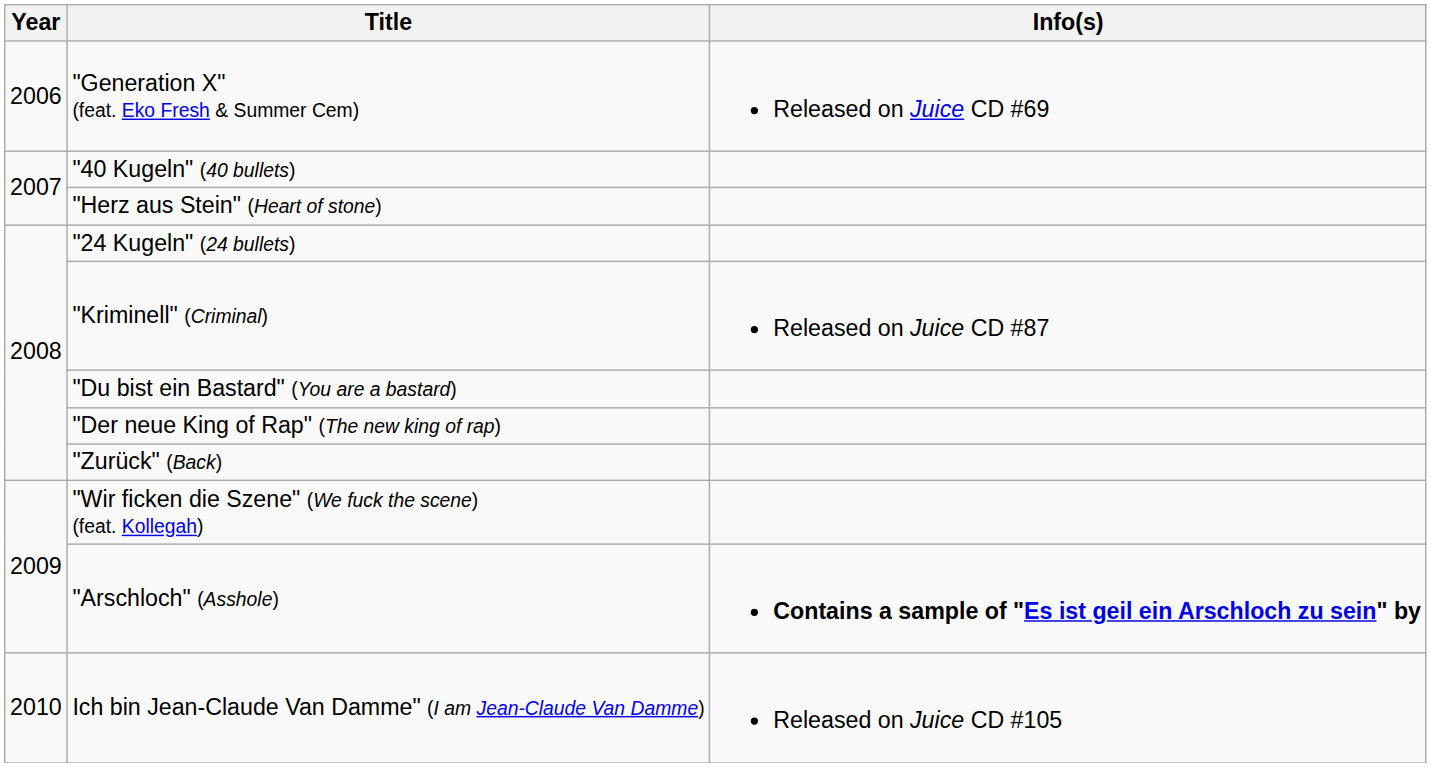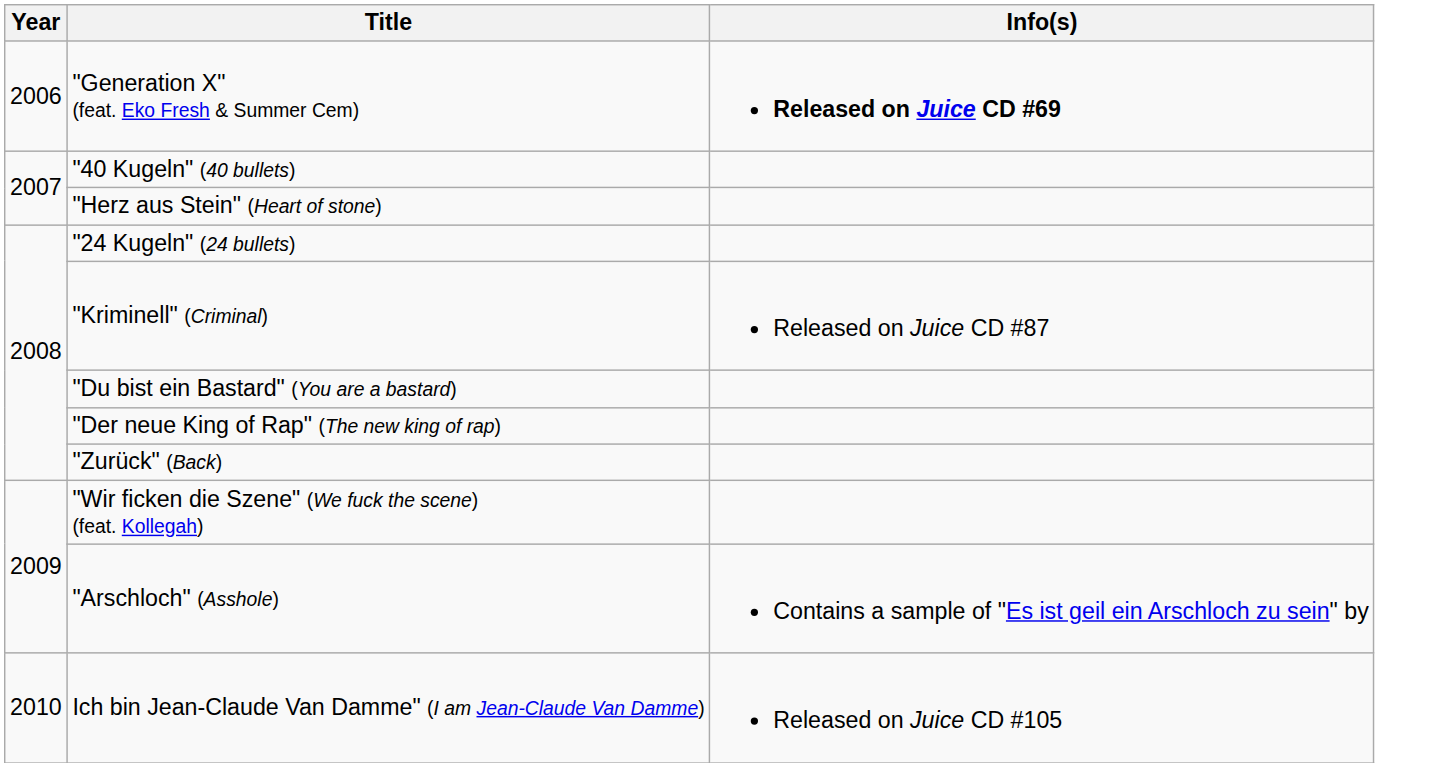 <table class="wikitable">
 <tr>
 <th>Year</th>
 <th>Title</th>
 <th>Info(s)</th>
 </tr>
 <tr>
 <td>2006</td>
 <td>"Generation X"<br><small>(feat. <a href='#'>Eko Fresh</a> & Summer Cem)</small></td>
-<td><br><ul><li>Released on <em><a href='#'>Juice</a></em> CD #69</li></ul></td>
+<td><strong><br><ul><li>Released on <em><a href='#'>Juice</a></em> CD #69</li></ul></strong></td>
 </tr>
 <tr>
 <td rowspan="2">2007</td>
 <td>"40 Kugeln" <small>(<em>40 bullets</em>)</small></td>
 <td></td>
 </tr>
 <tr>
 <td>"Herz aus Stein" <small>(<em>Heart of stone</em>)</small></td>
 <td></td>
 </tr>
 <tr>
 <td rowspan="5">2008</td>
 <td>"24 Kugeln" <small>(<em>24 bullets</em>)</small></td>
 <td></td>
 </tr>
 <tr>
 <td>"Kriminell" <small>(<em>Criminal</em>)</small></td>
 <td><br><ul><li>Released on <em>Juice</em> CD #87</li></ul></td>
 </tr>
 <tr>
 <td>"Du bist ein Bastard" <small>(<em>You are a bastard</em>)</small></td>
 <td></td>
 </tr>
 <tr>
 <td>"Der neue King of Rap" <small>(<em>The new king of rap</em>)</small></td>
 <td></td>
 </tr>
 <tr>
 <td>"Zurück" <small>(<em>Back</em>)</small></td>
 <td></td>
 </tr>
 <tr>
 <td rowspan="2">2009</td>
 <td>"Wir ficken die Szene" <small>(<em>We fuck the scene</em>)</small><br><small>(feat. <a href='#'>Kollegah</a>)</small></td>
 <td></td>
 </tr>
 <tr>
 <td>"Arschloch" <small>(<em>Asshole</em>)</small></td>
-<td><strong><br><ul><li>Contains a sample of "<a href='#'>Es ist geil ein Arschloch zu sein</a>" by </li></ul></strong></td>
+<td><br><ul><li>Contains a sample of "<a href='#'>Es ist geil ein Arschloch zu sein</a>" by </li></ul></td>
 </tr>
 <tr>
 <td>2010</td>
 <td>Ich bin Jean-Claude Van Damme" <small>(<em>I am <a href='#'>Jean-Claude Van Damme</a></em>)</small></td>
 <td><br><ul><li>Released on <em>Juice</em> CD #105</li></ul></td>
 </tr>
 </table>
